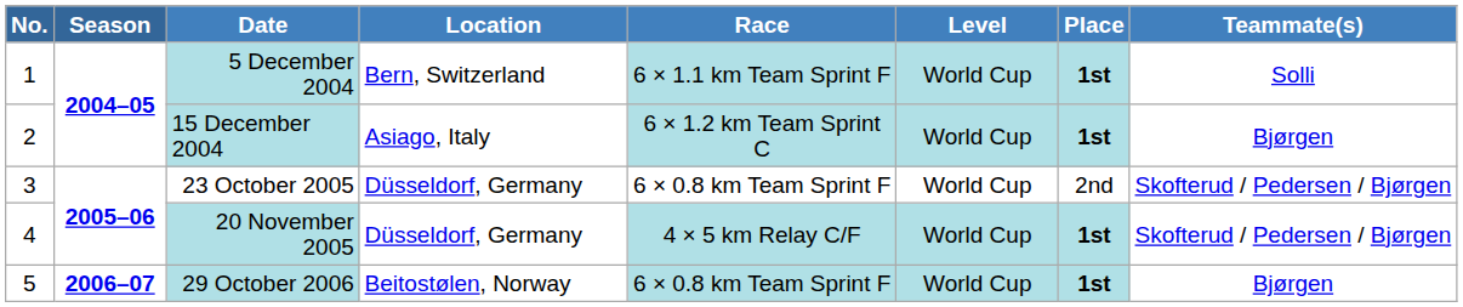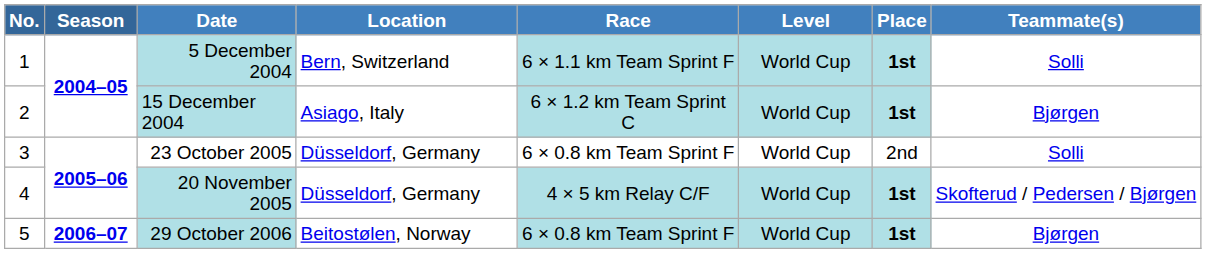 <table class="wikitable sortable" style="font-size:95%; text-align:center; border:grey solid 1px; border-collapse:collapse; background:#ffffff;">
 <tr style="background:#efefef;">
 <th style="background-color:#369; color:white;">No.</th>
 <th style="background-color:#369; color:white;">Season</th>
 <th style="background-color:#4180be; color:white; width:120px;">Date</th>
 <th style="background-color:#4180be; color:white; width:170px;">Location</th>
 <th style="background-color:#4180be; color:white; width:170px;">Race</th>
 <th style="background-color:#4180be; color:white; width:100px;">Level</th>
 <th style="background-color:#4180be; color:white;">Place</th>
 <th style="background-color:#4180be; color:white;">Teammate(s)</th>
 </tr>
 <tr>
 <td align=center>1</td>
 <td rowspan=2 align=center><strong><a href='#'>2004–05</a></strong></td>
 <td bgcolor="#BOEOE6" align=right>5 December 2004</td>
 <td align=left> <a href='#'>Bern</a>, Switzerland</td>
 <td bgcolor="#BOEOE6">6 × 1.1 km Team Sprint F</td>
 <td bgcolor="#BOEOE6">World Cup</td>
 <td bgcolor="#BOEOE6"><strong>1st</strong></td>
 <td><a href='#'>Solli</a></td>
 </tr>
 <tr>
 <td align=center>2</td>
 <td align=left bgcolor="#BOEOE6" align=right>15 December 2004</td>
 <td align=left> <a href='#'>Asiago</a>, Italy</td>
 <td bgcolor="#BOEOE6" align=center>6 × 1.2 km Team Sprint C</td>
 <td bgcolor="#BOEOE6">World Cup</td>
 <td bgcolor="#BOEOE6"><strong>1st</strong></td>
 <td><a href='#'>Bjørgen</a></td>
 </tr>
 <tr>
 <td align=center>3</td>
 <td rowspan=2 align=center><strong> <a href='#'>2005–06</a> </strong></td>
 <td align=right>23 October 2005</td>
 <td align=left> <a href='#'>Düsseldorf</a>, Germany</td>
 <td>6 × 0.8 km Team Sprint F</td>
 <td>World Cup</td>
 <td>2nd</td>
-<td><a href='#'>Skofterud</a> / <a href='#'>Pedersen</a> / <a href='#'>Bjørgen</a></td>
+<td><a href='#'>Solli</a></td>
 </tr>
 <tr>
 <td align=center>4</td>
 <td bgcolor="#BOEOE6" align=right>20 November 2005</td>
 <td align=left> <a href='#'>Düsseldorf</a>, Germany</td>
 <td bgcolor="#BOEOE6">4 × 5 km Relay C/F</td>
 <td bgcolor="#BOEOE6">World Cup</td>
 <td bgcolor="#BOEOE6"><strong>1st</strong></td>
 <td><a href='#'>Skofterud</a> / <a href='#'>Pedersen</a> / <a href='#'>Bjørgen</a></td>
 </tr>
 <tr>
 <td align=center>5</td>
 <td rowspan=1 align=center><strong><a href='#'>2006–07</a></strong></td>
 <td bgcolor="#BOEOE6" align=right>29 October 2006</td>
 <td align=left> <a href='#'>Beitostølen</a>, Norway</td>
 <td bgcolor="#BOEOE6">6 × 0.8 km Team Sprint F</td>
 <td bgcolor="#BOEOE6">World Cup</td>
 <td bgcolor="#BOEOE6"><strong>1st</strong></td>
 <td><a href='#'>Bjørgen</a></td>
 </tr>
 </table>
